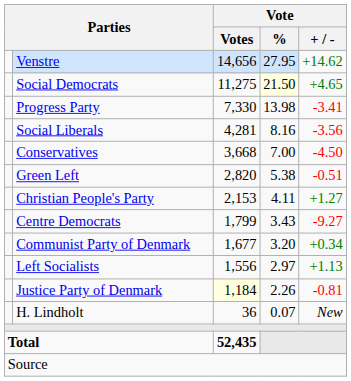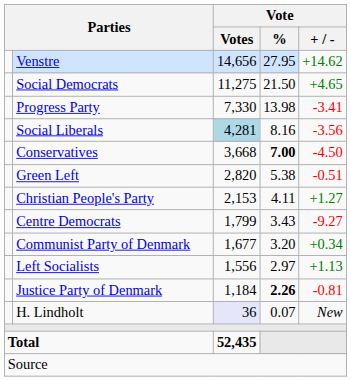 <table class="wikitable" style="text-align:right;">
 <tr>
 <th style="text-align:centre;" rowspan="2" colspan="2" width="225">Parties</th>
 <th colspan="3">Vote</th>
 </tr>
 <tr>
 <th width="15">Votes</th>
 <th width="15">%</th>
 <th width="15">+ / -</th>
 </tr>
 <tr>
 <td width="2" style="color:inherit;background:"></td>
 <td bgcolor=#cfe5fe  align="left"><a href='#'>Venstre</a></td>
 <td bgcolor=#cfe5fe>14,656</td>
 <td bgcolor=#cfe5fe>27.95</td>
 <td style=color:green;>+14.62</td>
 </tr>
 <tr>
 <td width="2" style="color:inherit;background:"></td>
 <td align="left"><a href='#'>Social Democrats</a></td>
 <td>11,275</td>
-<td style="background: lightyellow;">21.50</td>
+<td>21.50</td>
 <td style=color:green;>+4.65</td>
 </tr>
 <tr>
 <td width="2" style="color:inherit;background:"></td>
 <td align="left"><a href='#'>Progress Party</a></td>
 <td>7,330</td>
 <td>13.98</td>
 <td style=color:red;>-3.41</td>
 </tr>
 <tr>
 <td width="2" style="color:inherit;background:"></td>
 <td align="left"><a href='#'>Social Liberals</a></td>
-<td>4,281</td>
+<td style="background: lightblue;">4,281</td>
 <td>8.16</td>
 <td style=color:red;>-3.56</td>
 </tr>
 <tr>
 <td width="2" style="color:inherit;background:"></td>
 <td align="left"><a href='#'>Conservatives</a></td>
 <td>3,668</td>
-<td>7.00</td>
+<td><strong>7.00</strong></td>
 <td style=color:red;>-4.50</td>
 </tr>
 <tr>
 <td width="2" style="color:inherit;background:"></td>
 <td align="left"><a href='#'>Green Left</a></td>
 <td>2,820</td>
 <td>5.38</td>
 <td style=color:red;>-0.51</td>
 </tr>
 <tr>
 <td width="2" style="color:inherit;background:"></td>
 <td align="left"><a href='#'>Christian People's Party</a></td>
 <td>2,153</td>
 <td>4.11</td>
 <td style=color:green;>+1.27</td>
 </tr>
 <tr>
 <td width="2" style="color:inherit;background:"></td>
 <td align="left"><a href='#'>Centre Democrats</a></td>
 <td>1,799</td>
 <td>3.43</td>
 <td style=color:red;>-9.27</td>
 </tr>
 <tr>
 <td width="2" style="color:inherit;background:"></td>
 <td align="left"><a href='#'>Communist Party of Denmark</a></td>
 <td>1,677</td>
 <td>3.20</td>
 <td style=color:green;>+0.34</td>
 </tr>
 <tr>
 <td width="2" style="color:inherit;background:"></td>
 <td align="left"><a href='#'>Left Socialists</a></td>
 <td>1,556</td>
 <td>2.97</td>
 <td style=color:green;>+1.13</td>
 </tr>
 <tr>
 <td width="2" style="color:inherit;background:"></td>
 <td align="left"><a href='#'>Justice Party of Denmark</a></td>
-<td style="background: lightyellow;">1,184</td>
-<td>2.26</td>
+<td>1,184</td>
+<td><strong>2.26</strong></td>
 <td style=color:red;>-0.81</td>
 </tr>
 <tr>
 <td width="2" style="color:inherit;background:"></td>
 <td align="left">H. Lindholt</td>
-<td>36</td>
+<td style="background: lavender;">36</td>
 <td>0.07</td>
 <td><em>New</em></td>
 </tr>
 <tr>
 <td colspan="7" bgcolor="#E9E9E9"></td>
 </tr>
 <tr>
 <td align="left" colspan="2"><strong>Total</strong></td>
 <td><strong>52,435</strong></td>
 <td bgcolor="#E9E9E9" colspan="2"></td>
 </tr>
 <tr>
 <td align="left" colspan="6">Source</td>
 </tr>
 </table>
